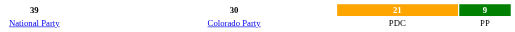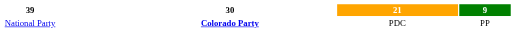 <table style="width:66em; text-align:center; font-size:88%">
 <tr style="font-weight:bold">
 <td style="background:">39</td>
 <td style="background:">30</td>
 <td style="background:orange; width:21.21%; color:white">21</td>
 <td style="background:green; width:9.10%; color:white">9</td>
 </tr>
 <tr>
 <td><a href='#'>National Party</a></td>
-<td><a href='#'>Colorado Party</a></td>
+<td><strong><a href='#'>Colorado Party</a></strong></td>
 <td>PDC</td>
 <td>PP</td>
 </tr>
 </table>
